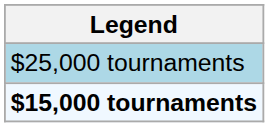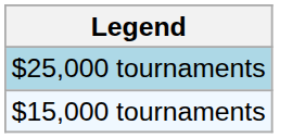 <table class="wikitable" style="font-size:85%">
 <tr>
 <th>Legend</th>
 </tr>
 <tr style="background:lightblue;">
 <td>$25,000 tournaments</td>
 </tr>
 <tr style="background:#f0f8ff;">
-<td><strong>$15,000 tournaments</strong></td>
+<td>$15,000 tournaments</td>
 </tr>
 </table>
